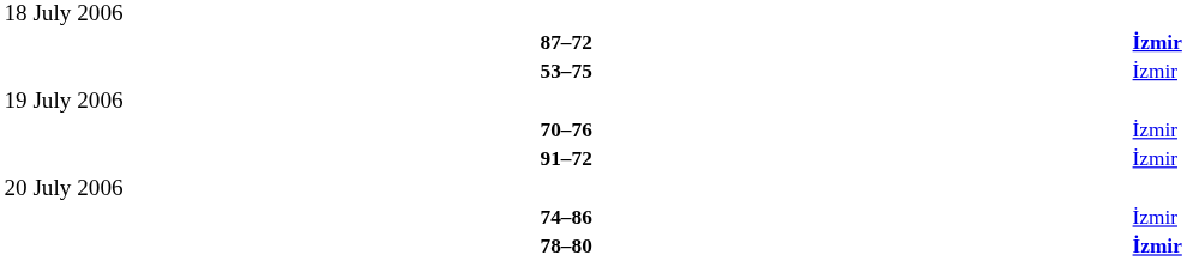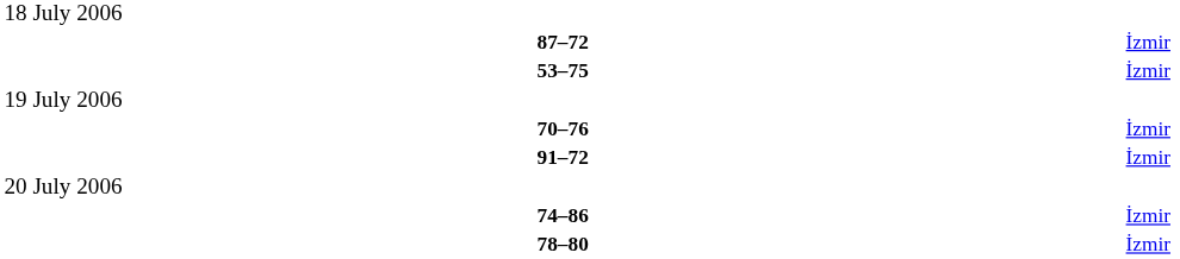 <table style="width:100%;" cellspacing="1">
 <tr>
 <th width=25%></th>
 <th width=3%></th>
 <th width=6%></th>
 <th width=3%></th>
 <th width=25%></th>
 </tr>
 <tr>
 <td>18 July 2006</td>
 </tr>
 <tr style=font-size:90%>
 <td align=right><strong></strong></td>
 <td></td>
 <td align=center><strong>87–72</strong></td>
 <td></td>
 <td><strong></strong></td>
-<td><strong><a href='#'>İzmir</a></strong></td>
+<td><a href='#'>İzmir</a></td>
 </tr>
 <tr style=font-size:90%>
 <td align=right><strong></strong></td>
 <td></td>
 <td align=center><strong>53–75</strong></td>
 <td></td>
 <td><strong></strong></td>
 <td><a href='#'>İzmir</a></td>
 </tr>
 <tr>
 <td>19 July 2006</td>
 </tr>
 <tr style=font-size:90%>
 <td align=right><strong></strong></td>
 <td></td>
 <td align=center><strong>70–76</strong></td>
 <td></td>
 <td><strong></strong></td>
 <td><a href='#'>İzmir</a></td>
 </tr>
 <tr style=font-size:90%>
 <td align=right><strong></strong></td>
 <td></td>
 <td align=center><strong>91–72</strong></td>
 <td></td>
 <td><strong></strong></td>
 <td><a href='#'>İzmir</a></td>
 </tr>
 <tr>
 <td>20 July 2006</td>
 </tr>
 <tr style=font-size:90%>
 <td align=right><strong></strong></td>
 <td></td>
 <td align=center><strong>74–86</strong></td>
 <td></td>
 <td><strong></strong></td>
 <td><a href='#'>İzmir</a></td>
 </tr>
 <tr style=font-size:90%>
 <td align=right><strong></strong></td>
 <td></td>
 <td align=center><strong>78–80</strong></td>
 <td></td>
 <td><strong></strong></td>
-<td><strong><a href='#'>İzmir</a></strong></td>
+<td><a href='#'>İzmir</a></td>
 </tr>
 </table>
